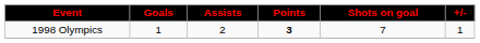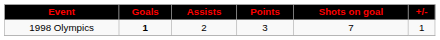 <table class="wikitable" width="80%">
 <tr align="center"  style=" background:black;color:red">
 <td><strong>Event</strong></td>
 <td><strong>Goals</strong></td>
 <td><strong>Assists</strong></td>
 <td><strong>Points</strong></td>
 <td><strong>Shots on goal</strong></td>
 <td><strong>+/-</strong></td>
 </tr>
 <tr align="center" bgcolor="">
 <td>1998 Olympics</td>
-<td>1</td>
+<td><strong>1</strong></td>
 <td>2</td>
-<td><strong>3</strong></td>
+<td>3</td>
 <td>7</td>
 <td>1</td>
 </tr>
 <tr align="center" bgcolor="">
 </tr>
 </table>
